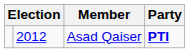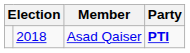 <table class="wikitable">
 <tr>
 <th colspan="2">Election</th>
 <th>Member</th>
 <th>Party</th>
 </tr>
 <tr>
 <td style="background-color: "></td>
-<td><a href='#'>2012</a></td>
+<td><a href='#'>2018</a></td>
 <td><a href='#'>Asad Qaiser</a></td>
 <td><strong><a href='#'>PTI</a></strong></td>
 </tr>
 </table>
